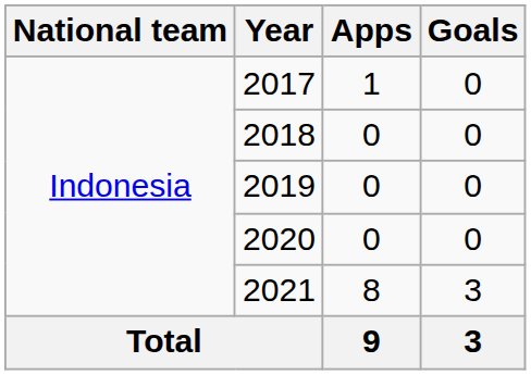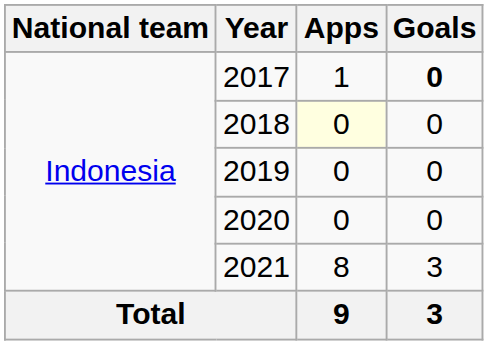 <table class="wikitable" style="text-align:center">
 <tr>
 <th>National team</th>
 <th>Year</th>
 <th>Apps</th>
 <th>Goals</th>
 </tr>
 <tr>
 <td rowspan=5><a href='#'>Indonesia</a></td>
 <td>2017</td>
 <td>1</td>
-<td>0</td>
+<td><strong>0</strong></td>
 </tr>
 <tr>
 <td>2018</td>
-<td>0</td>
+<td style="background: lightyellow;">0</td>
 <td>0</td>
 </tr>
 <tr>
 <td>2019</td>
 <td>0</td>
 <td>0</td>
 </tr>
 <tr>
 <td>2020</td>
 <td>0</td>
 <td>0</td>
 </tr>
 <tr>
 <td>2021</td>
 <td>8</td>
 <td>3</td>
 </tr>
 <tr>
 <th colspan=2>Total</th>
 <th>9</th>
 <th>3</th>
 </tr>
 </table>
